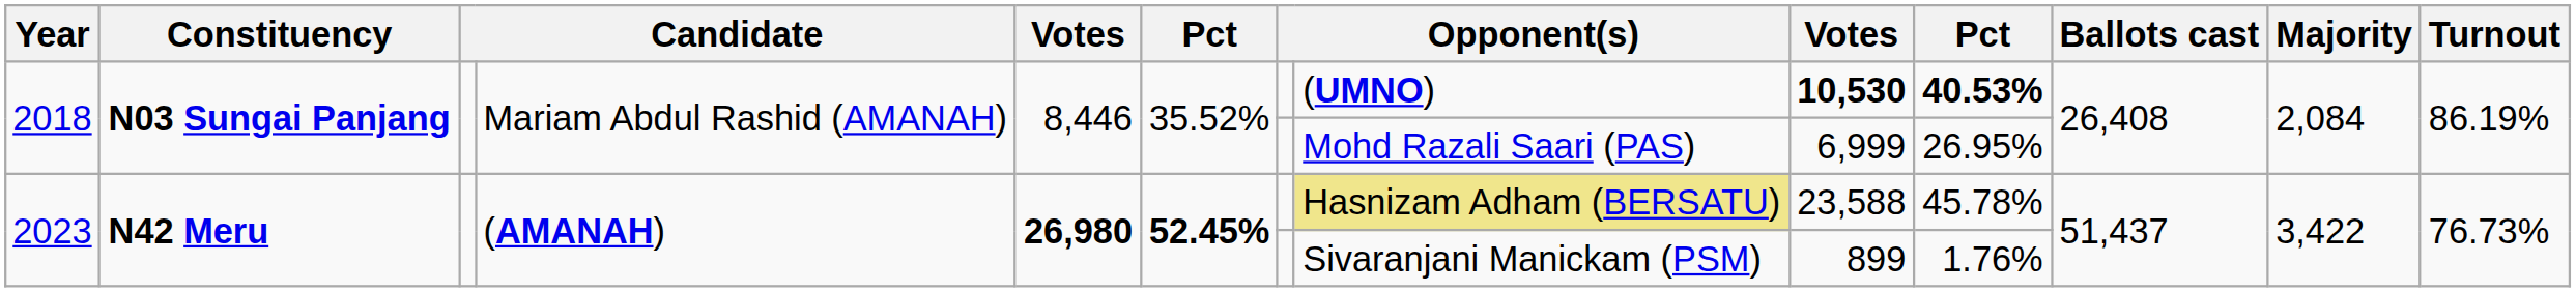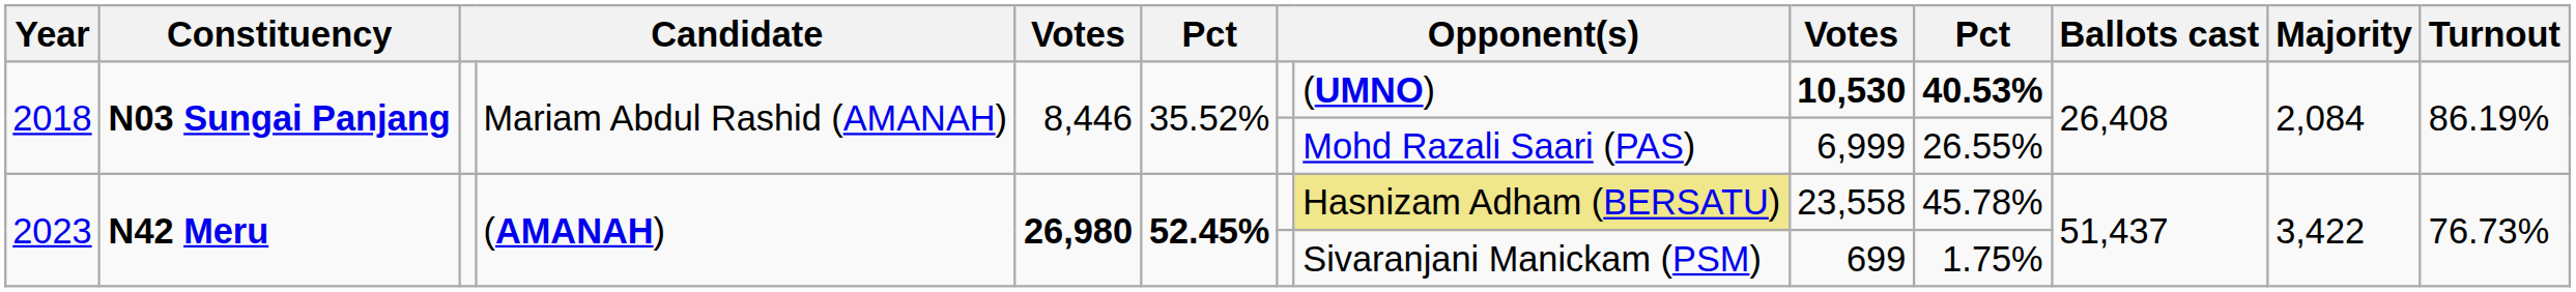 <table class="wikitable" style="margin:0.5em ; font-size:95%">
 <tr>
 <th>Year</th>
 <th>Constituency</th>
 <th colspan="2">Candidate</th>
 <th>Votes</th>
 <th>Pct</th>
 <th colspan="2">Opponent(s)</th>
 <th>Votes</th>
 <th>Pct</th>
 <th>Ballots cast</th>
 <th>Majority</th>
 <th>Turnout</th>
 </tr>
 <tr>
 <td rowspan="2"><a href='#'>2018</a></td>
 <td rowspan="2"><strong>N03 <a href='#'>Sungai Panjang</a></strong></td>
 <td rowspan="2" ></td>
 <td rowspan="2">Mariam Abdul Rashid (<a href='#'>AMANAH</a>)</td>
 <td rowspan="2" style="text-align:right;">8,446</td>
 <td rowspan="2">35.52%</td>
 <td></td>
 <td> (<a href='#'><strong>UMNO</strong></a>)</td>
 <td style="text-align:right;"><strong>10,530</strong></td>
 <td><strong>40.53%</strong></td>
 <td rowspan="2">26,408</td>
 <td rowspan="2">2,084</td>
 <td rowspan="2">86.19%</td>
 </tr>
 <tr>
 <td></td>
 <td><a href='#'>Mohd Razali Saari</a> (<a href='#'>PAS</a>)</td>
 <td style="text-align:right;">6,999</td>
-<td>26.95%</td>
+<td>26.55%</td>
 </tr>
 <tr>
 <td rowspan="2"><a href='#'>2023</a></td>
 <td rowspan="2"><strong>N42 <a href='#'>Meru</a></strong></td>
 <td rowspan="2" ></td>
 <td rowspan="2"> (<a href='#'><strong>AMANAH</strong></a>)</td>
 <td rowspan="2" style="text-align:right;"><strong>26,980</strong></td>
 <td rowspan="2"><strong>52.45%</strong></td>
 <td bgcolor=></td>
 <td style="background: khaki;">Hasnizam Adham (<a href='#'>BERSATU</a>)</td>
-<td style="text-align:right;">23,588</td>
+<td style="text-align:right;">23,558</td>
 <td>45.78%</td>
 <td rowspan="2">51,437</td>
 <td rowspan="2">3,422</td>
 <td rowspan="2">76.73%</td>
 </tr>
 <tr>
 <td bgcolor=></td>
 <td>Sivaranjani Manickam (<a href='#'>PSM</a>)</td>
-<td style="text-align:right;">899</td>
-<td style="text-align:right;">1.76%</td>
+<td style="text-align:right;">699</td>
+<td style="text-align:right;">1.75%</td>
 </tr>
 </table>
